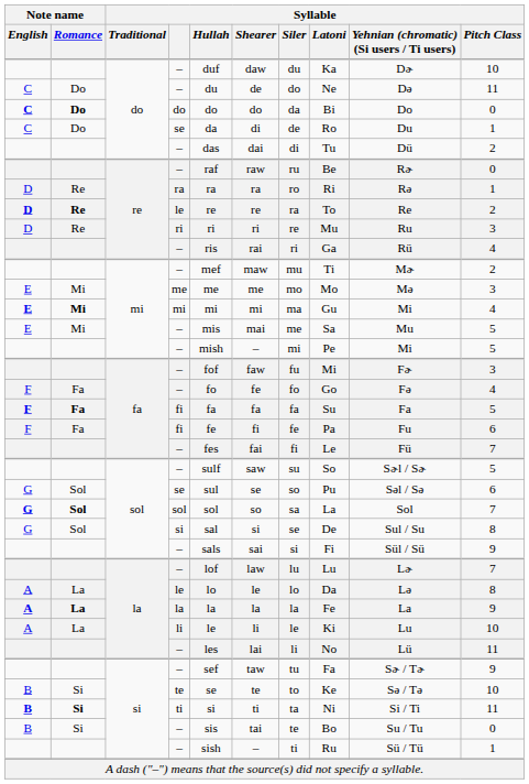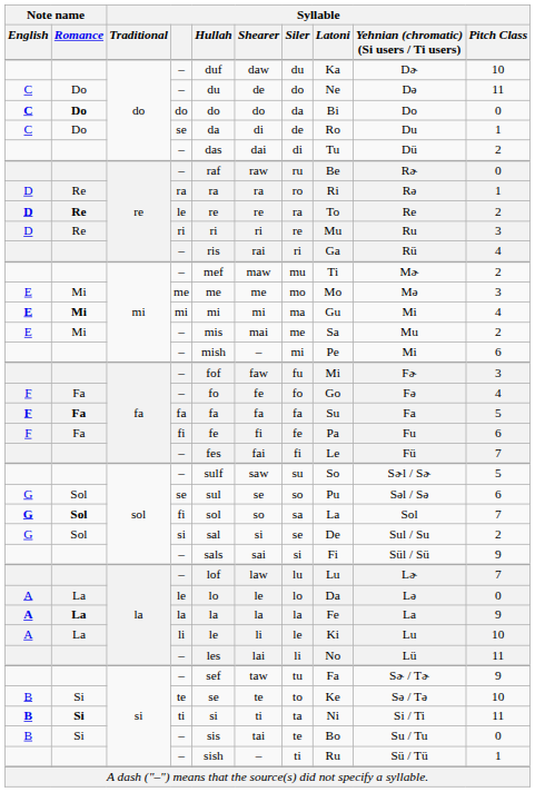 <table class="wikitable" style="text-align:center">
 <tr style="vertical-align:top;">
 <th colspan="2">Note name</th>
 <th colspan="8">Syllable</th>
 </tr>
 <tr style="vertical-align:top;">
 <th><em>English</em></th>
 <th><em><a href='#'>Romance</a></em></th>
 <th><em>Traditional</em><br></th>
 <th><em></em><br></th>
 <th><em>Hullah</em><br></th>
 <th><em>Shearer</em><br></th>
 <th><em>Siler</em><br></th>
 <th><em>Latoni</em><br></th>
 <th><em>Yehnian (chromatic)</em><br>(Si users / Ti users)<em></em></th>
 <th><em>Pitch Class</em></th>
 </tr>
 <tr>
 <td style="border-top-width:2px"></td>
 <td style="border-top-width:2px"></td>
 <td style="border-top-width:2px" rowspan="5">do</td>
 <td style="border-top-width:2px">–</td>
 <td style="border-top-width:2px">duf</td>
 <td style="border-top-width:2px">daw</td>
 <td style="border-top-width:2px">du</td>
 <td style="border-top-width:2px">Ka</td>
 <td style="border-top-width:2px">Dɚ</td>
 <td style="border-top-width:2px">10</td>
 </tr>
 <tr>
 <td><a href='#'>C</a></td>
 <td>Do</td>
 <td>–</td>
 <td>du</td>
 <td>de</td>
 <td>do</td>
 <td>Ne</td>
 <td>Də</td>
 <td>11</td>
 </tr>
 <tr>
 <td><strong><a href='#'>C</a></strong></td>
 <td><strong>Do</strong></td>
 <td>do</td>
 <td>do</td>
 <td>do</td>
 <td>da</td>
 <td>Bi</td>
 <td>Do</td>
 <td>0</td>
 </tr>
 <tr>
 <td><a href='#'>C</a></td>
 <td>Do</td>
 <td>se</td>
 <td>da</td>
 <td>di</td>
 <td>de</td>
 <td>Ro</td>
 <td>Du</td>
 <td>1</td>
 </tr>
 <tr>
 <td></td>
 <td></td>
 <td>–</td>
 <td>das</td>
 <td>dai</td>
 <td>di</td>
 <td>Tu</td>
 <td>Dü</td>
 <td>2</td>
 </tr>
 <tr style="background:#f2f2f2">
 <td style="border-top-width:2px"></td>
 <td style="border-top-width:2px"></td>
 <td style="border-top-width:2px" rowspan="5">re</td>
 <td style="border-top-width:2px">–</td>
 <td style="border-top-width:2px">raf</td>
 <td style="border-top-width:2px">raw</td>
 <td style="border-top-width:2px">ru</td>
 <td style="border-top-width:2px">Be</td>
 <td style="border-top-width:2px">Rɚ</td>
 <td style="border-top-width:2px">0</td>
 </tr>
 <tr style="background:#f2f2f2">
 <td><a href='#'>D</a></td>
 <td>Re</td>
 <td>ra</td>
 <td>ra</td>
 <td>ra</td>
 <td>ro</td>
 <td>Ri</td>
 <td>Rə</td>
 <td>1</td>
 </tr>
 <tr style="background:#f2f2f2">
 <td><strong><a href='#'>D</a></strong></td>
 <td><strong>Re</strong></td>
 <td>le</td>
 <td>re</td>
 <td>re</td>
 <td>ra</td>
 <td>To</td>
 <td>Re</td>
 <td>2</td>
 </tr>
 <tr style="background:#f2f2f2">
 <td><a href='#'>D</a></td>
 <td>Re</td>
 <td>ri</td>
 <td>ri</td>
 <td>ri</td>
 <td>re</td>
 <td>Mu</td>
 <td>Ru</td>
 <td>3</td>
 </tr>
 <tr style="background:#f2f2f2">
 <td></td>
 <td></td>
 <td>–</td>
 <td>ris</td>
 <td>rai</td>
 <td>ri</td>
 <td>Ga</td>
 <td>Rü</td>
 <td>4</td>
 </tr>
 <tr>
 <td style="border-top-width:2px"></td>
 <td style="border-top-width:2px"></td>
 <td style="border-top-width:2px" rowspan="5">mi</td>
 <td style="border-top-width:2px">–</td>
 <td style="border-top-width:2px">mef</td>
 <td style="border-top-width:2px">maw</td>
 <td style="border-top-width:2px">mu</td>
 <td style="border-top-width:2px">Ti</td>
 <td style="border-top-width:2px">Mɚ</td>
 <td style="border-top-width:2px">2</td>
 </tr>
 <tr>
 <td><a href='#'>E</a></td>
 <td>Mi</td>
 <td>me</td>
 <td>me</td>
 <td>me</td>
 <td>mo</td>
 <td>Mo</td>
 <td>Mə</td>
 <td>3</td>
 </tr>
 <tr>
 <td><strong><a href='#'>E</a></strong></td>
 <td><strong>Mi</strong></td>
 <td>mi</td>
 <td>mi</td>
 <td>mi</td>
 <td>ma</td>
 <td>Gu</td>
 <td>Mi</td>
 <td>4</td>
 </tr>
 <tr>
 <td><a href='#'>E</a></td>
 <td>Mi</td>
 <td>–</td>
 <td>mis</td>
 <td>mai</td>
 <td>me</td>
 <td>Sa</td>
 <td>Mu</td>
-<td>5</td>
+<td>2</td>
 </tr>
 <tr>
 <td></td>
 <td></td>
 <td>–</td>
 <td>mish</td>
 <td>–</td>
 <td>mi</td>
 <td>Pe</td>
 <td>Mi</td>
-<td>5</td>
+<td>6</td>
 </tr>
 <tr style="background:#f2f2f2">
 <td style="border-top-width:2px"></td>
 <td style="border-top-width:2px"></td>
 <td style="border-top-width:2px" rowspan="5">fa</td>
 <td style="border-top-width:2px">–</td>
 <td style="border-top-width:2px">fof</td>
 <td style="border-top-width:2px">faw</td>
 <td style="border-top-width:2px">fu</td>
 <td style="border-top-width:2px">Mi</td>
 <td style="border-top-width:2px">Fɚ</td>
 <td style="border-top-width:2px">3</td>
 </tr>
 <tr style="background:#f2f2f2">
 <td><a href='#'>F</a></td>
 <td>Fa</td>
 <td>–</td>
 <td>fo</td>
 <td>fe</td>
 <td>fo</td>
 <td>Go</td>
 <td>Fə</td>
 <td>4</td>
 </tr>
 <tr style="background:#f2f2f2">
 <td><strong><a href='#'>F</a></strong></td>
 <td><strong>Fa</strong></td>
-<td>fi</td>
+<td>fa</td>
 <td>fa</td>
 <td>fa</td>
 <td>fa</td>
 <td>Su</td>
 <td>Fa</td>
 <td>5</td>
 </tr>
 <tr style="background:#f2f2f2">
 <td><a href='#'>F</a></td>
 <td>Fa</td>
 <td>fi</td>
 <td>fe</td>
 <td>fi</td>
 <td>fe</td>
 <td>Pa</td>
 <td>Fu</td>
 <td>6</td>
 </tr>
 <tr style="background:#f2f2f2">
 <td></td>
 <td></td>
 <td>–</td>
 <td>fes</td>
 <td>fai</td>
 <td>fi</td>
 <td>Le</td>
 <td>Fü</td>
 <td>7</td>
 </tr>
 <tr>
 <td style="border-top-width:2px"></td>
 <td style="border-top-width:2px"></td>
 <td style="border-top-width:2px" rowspan="5">sol</td>
 <td style="border-top-width:2px">–</td>
 <td style="border-top-width:2px">sulf</td>
 <td style="border-top-width:2px">saw</td>
 <td style="border-top-width:2px">su</td>
 <td style="border-top-width:2px">So</td>
 <td style="border-top-width:2px">Sɚl / Sɚ</td>
 <td style="border-top-width:2px">5</td>
 </tr>
 <tr>
 <td><a href='#'>G</a></td>
 <td>Sol</td>
 <td>se</td>
 <td>sul</td>
 <td>se</td>
 <td>so</td>
 <td>Pu</td>
 <td>Səl / Sə</td>
 <td>6</td>
 </tr>
 <tr>
 <td><strong><a href='#'>G</a></strong></td>
 <td><strong>Sol</strong></td>
-<td>sol</td>
+<td>fi</td>
 <td>sol</td>
 <td>so</td>
 <td>sa</td>
 <td>La</td>
 <td>Sol</td>
 <td>7</td>
 </tr>
 <tr>
 <td><a href='#'>G</a></td>
 <td>Sol</td>
 <td>si</td>
 <td>sal</td>
 <td>si</td>
 <td>se</td>
 <td>De</td>
 <td>Sul / Su</td>
-<td>8</td>
+<td>2</td>
 </tr>
 <tr>
 <td></td>
 <td></td>
 <td>–</td>
 <td>sals</td>
 <td>sai</td>
 <td>si</td>
 <td>Fi</td>
 <td>Sül / Sü</td>
 <td>9</td>
 </tr>
 <tr style="background:#f2f2f2">
 <td style="border-top-width:2px"></td>
 <td style="border-top-width:2px"></td>
 <td style="border-top-width:2px" rowspan="5">la</td>
 <td style="border-top-width:2px">–</td>
 <td style="border-top-width:2px">lof</td>
 <td style="border-top-width:2px">law</td>
 <td style="border-top-width:2px">lu</td>
 <td style="border-top-width:2px">Lu</td>
 <td style="border-top-width:2px">Lɚ</td>
 <td style="border-top-width:2px">7</td>
 </tr>
 <tr style="background:#f2f2f2">
 <td><a href='#'>A</a></td>
 <td>La</td>
 <td>le</td>
 <td>lo</td>
 <td>le</td>
 <td>lo</td>
 <td>Da</td>
 <td>Lə</td>
-<td>8</td>
+<td>0</td>
 </tr>
 <tr style="background:#f2f2f2">
 <td><strong><a href='#'>A</a></strong></td>
 <td><strong>La</strong></td>
 <td>la</td>
 <td>la</td>
 <td>la</td>
 <td>la</td>
 <td>Fe</td>
 <td>La</td>
 <td>9</td>
 </tr>
 <tr style="background:#f2f2f2">
 <td><a href='#'>A</a></td>
 <td>La</td>
 <td>li</td>
 <td>le</td>
 <td>li</td>
 <td>le</td>
 <td>Ki</td>
 <td>Lu</td>
 <td>10</td>
 </tr>
 <tr style="background:#f2f2f2">
 <td></td>
 <td></td>
 <td>–</td>
 <td>les</td>
 <td>lai</td>
 <td>li</td>
 <td>No</td>
 <td>Lü</td>
 <td>11</td>
 </tr>
 <tr>
 <td style="border-top-width:2px"></td>
 <td style="border-top-width:2px"></td>
 <td style="border-top-width:2px" rowspan="5">si</td>
 <td style="border-top-width:2px">–</td>
 <td style="border-top-width:2px">sef</td>
 <td style="border-top-width:2px">taw</td>
 <td style="border-top-width:2px">tu</td>
 <td style="border-top-width:2px">Fa</td>
 <td style="border-top-width:2px">Sɚ / Tɚ</td>
 <td style="border-top-width:2px">9</td>
 </tr>
 <tr>
 <td><a href='#'>B</a></td>
 <td>Si</td>
 <td>te</td>
 <td>se</td>
 <td>te</td>
 <td>to</td>
 <td>Ke</td>
 <td>Sə / Tə</td>
 <td>10</td>
 </tr>
 <tr>
 <td><strong><a href='#'>B</a></strong></td>
 <td><strong>Si</strong></td>
 <td>ti</td>
 <td>si</td>
 <td>ti</td>
 <td>ta</td>
 <td>Ni</td>
 <td>Si / Ti</td>
 <td>11</td>
 </tr>
 <tr>
 <td><a href='#'>B</a></td>
 <td>Si</td>
 <td>–</td>
 <td>sis</td>
 <td>tai</td>
 <td>te</td>
 <td>Bo</td>
 <td>Su / Tu</td>
 <td>0</td>
 </tr>
 <tr>
 <td></td>
 <td></td>
 <td>–</td>
 <td>sish</td>
 <td>–</td>
 <td>ti</td>
 <td>Ru</td>
 <td>Sü / Tü</td>
 <td>1</td>
 </tr>
 <tr style="background:#f2f2f2">
 <td colspan="13" style="border-top-width:2px"><em>A dash ("–") means that the source(s) did not specify a syllable.</em></td>
 </tr>
 </table>
